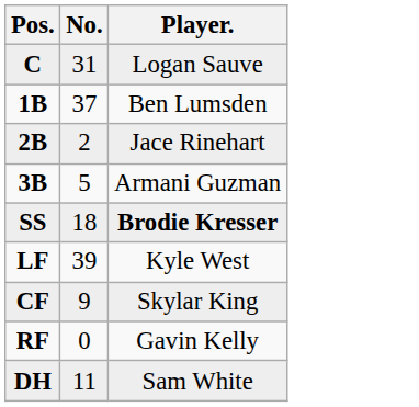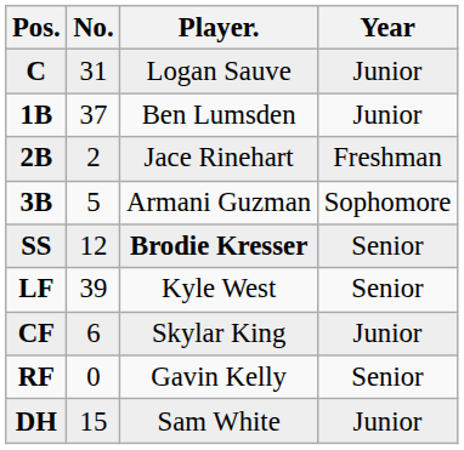 <table class="wikitable non-sortable">
 <tr>
 <th>Pos.</th>
 <th>No.</th>
 <th>Player.</th>
+<th>Year</th>
 </tr>
 <tr style="background:#eeeeee;text-align:center;">
 <td><strong>C</strong></td>
 <td>31</td>
 <td>Logan Sauve</td>
+<td>Junior</td>
 </tr>
 <tr style="text-align:center;">
 <td><strong>1B</strong></td>
 <td>37</td>
 <td>Ben Lumsden</td>
+<td>Junior</td>
 </tr>
 <tr style="background:#eeeeee;text-align:center;">
 <td><strong>2B</strong></td>
 <td>2</td>
 <td>Jace Rinehart</td>
+<td>Freshman</td>
 </tr>
 <tr style="text-align:center;">
 <td><strong>3B</strong></td>
 <td>5</td>
 <td>Armani Guzman</td>
+<td>Sophomore</td>
 </tr>
 <tr style="background:#eeeeee;text-align:center;">
 <td><strong>SS</strong></td>
-<td>18</td>
+<td>12</td>
 <td><strong>Brodie Kresser</strong></td>
+<td>Senior</td>
 </tr>
 <tr style="text-align:center;">
 <td><strong>LF</strong></td>
 <td>39</td>
 <td>Kyle West</td>
+<td>Senior</td>
 </tr>
 <tr style="background:#eeeeee;text-align:center;">
 <td><strong>CF</strong></td>
-<td>9</td>
+<td>6</td>
 <td>Skylar King</td>
+<td>Junior</td>
 </tr>
 <tr style="text-align:center;">
 <td><strong>RF</strong></td>
 <td>0</td>
 <td>Gavin Kelly</td>
+<td>Senior</td>
 </tr>
 <tr style="background:#eeeeee;text-align:center;">
 <td><strong>DH</strong></td>
-<td>11</td>
+<td>15</td>
 <td>Sam White</td>
+<td>Junior</td>
 </tr>
 </table>
